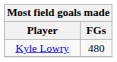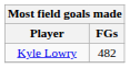 <table class="wikitable sortable" style="text-align:center">
 <tr>
 <th colspan="2">Most field goals made</th>
 </tr>
 <tr>
 <th>Player</th>
 <th>FGs</th>
 </tr>
 <tr>
 <td><a href='#'>Kyle Lowry</a></td>
-<td>480</td>
+<td>482</td>
 </tr>
 <tr>
 </tr>
 </table>
